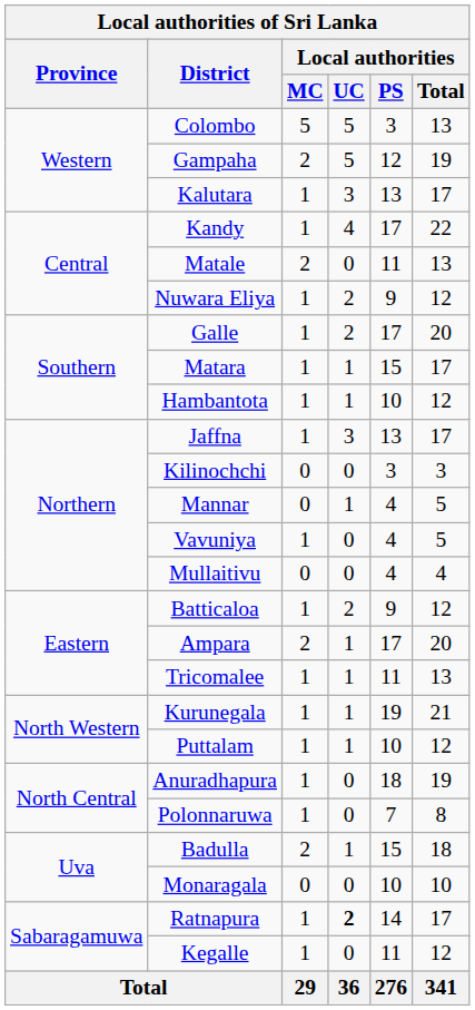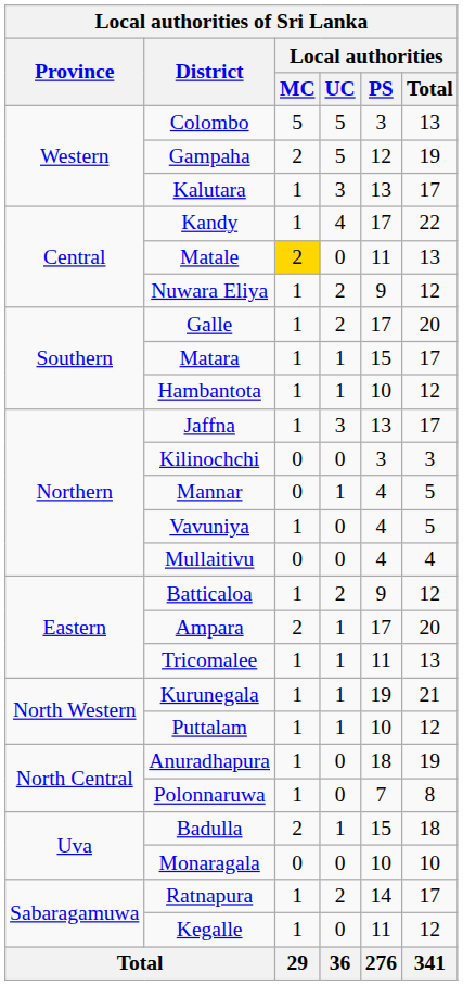 <table class="wikitable sortable sticky-header-multi mw-collapsible" style="font-size:100%; text-align:center">
 <tr>
 <th colspan=6>Local authorities of Sri Lanka</th>
 </tr>
 <tr>
 <th rowspan=2><a href='#'>Province</a></th>
 <th rowspan=2><a href='#'>District</a></th>
 <th colspan=4>Local authorities</th>
 </tr>
 <tr>
 <th><a href='#'>MC</a></th>
 <th><a href='#'>UC</a></th>
 <th><a href='#'>PS</a></th>
 <th>Total</th>
 </tr>
 <tr>
 <td rowspan=3><a href='#'>Western</a></td>
 <td><a href='#'>Colombo</a></td>
 <td>5</td>
 <td>5</td>
 <td>3</td>
 <td>13</td>
 </tr>
 <tr>
 <td><a href='#'>Gampaha</a></td>
 <td>2</td>
 <td>5</td>
 <td>12</td>
 <td>19</td>
 </tr>
 <tr>
 <td><a href='#'>Kalutara</a></td>
 <td>1</td>
 <td>3</td>
 <td>13</td>
 <td>17</td>
 </tr>
 <tr>
 <td rowspan=3><a href='#'>Central</a></td>
 <td><a href='#'>Kandy</a></td>
 <td>1</td>
 <td>4</td>
 <td>17</td>
 <td>22</td>
 </tr>
 <tr>
 <td><a href='#'>Matale</a></td>
-<td>2</td>
+<td style="background: gold;">2</td>
 <td>0</td>
 <td>11</td>
 <td>13</td>
 </tr>
 <tr>
 <td><a href='#'>Nuwara Eliya</a></td>
 <td>1</td>
 <td>2</td>
 <td>9</td>
 <td>12</td>
 </tr>
 <tr>
 <td rowspan=3><a href='#'>Southern</a></td>
 <td><a href='#'>Galle</a></td>
 <td>1</td>
 <td>2</td>
 <td>17</td>
 <td>20</td>
 </tr>
 <tr>
 <td><a href='#'>Matara</a></td>
 <td>1</td>
 <td>1</td>
 <td>15</td>
 <td>17</td>
 </tr>
 <tr>
 <td><a href='#'>Hambantota</a></td>
 <td>1</td>
 <td>1</td>
 <td>10</td>
 <td>12</td>
 </tr>
 <tr>
 <td rowspan=5><a href='#'>Northern</a></td>
 <td><a href='#'>Jaffna</a></td>
 <td>1</td>
 <td>3</td>
 <td>13</td>
 <td>17</td>
 </tr>
 <tr>
 <td><a href='#'>Kilinochchi</a></td>
 <td>0</td>
 <td>0</td>
 <td>3</td>
 <td>3</td>
 </tr>
 <tr>
 <td><a href='#'>Mannar</a></td>
 <td>0</td>
 <td>1</td>
 <td>4</td>
 <td>5</td>
 </tr>
 <tr>
 <td><a href='#'>Vavuniya</a></td>
 <td>1</td>
 <td>0</td>
 <td>4</td>
 <td>5</td>
 </tr>
 <tr>
 <td><a href='#'>Mullaitivu</a></td>
 <td>0</td>
 <td>0</td>
 <td>4</td>
 <td>4</td>
 </tr>
 <tr>
 <td rowspan=3><a href='#'>Eastern</a></td>
 <td><a href='#'>Batticaloa</a></td>
 <td>1</td>
 <td>2</td>
 <td>9</td>
 <td>12</td>
 </tr>
 <tr>
 <td><a href='#'>Ampara</a></td>
 <td>2</td>
 <td>1</td>
 <td>17</td>
 <td>20</td>
 </tr>
 <tr>
 <td><a href='#'>Tricomalee</a></td>
 <td>1</td>
 <td>1</td>
 <td>11</td>
 <td>13</td>
 </tr>
 <tr>
 <td rowspan=2><a href='#'>North Western</a></td>
 <td><a href='#'>Kurunegala</a></td>
 <td>1</td>
 <td>1</td>
 <td>19</td>
 <td>21</td>
 </tr>
 <tr>
 <td><a href='#'>Puttalam</a></td>
 <td>1</td>
 <td>1</td>
 <td>10</td>
 <td>12</td>
 </tr>
 <tr>
 <td rowspan=2><a href='#'>North Central</a></td>
 <td><a href='#'>Anuradhapura</a></td>
 <td>1</td>
 <td>0</td>
 <td>18</td>
 <td>19</td>
 </tr>
 <tr>
 <td><a href='#'>Polonnaruwa</a></td>
 <td>1</td>
 <td>0</td>
 <td>7</td>
 <td>8</td>
 </tr>
 <tr>
 <td rowspan=2><a href='#'>Uva</a></td>
 <td><a href='#'>Badulla</a></td>
 <td>2</td>
 <td>1</td>
 <td>15</td>
 <td>18</td>
 </tr>
 <tr>
 <td><a href='#'>Monaragala</a></td>
 <td>0</td>
 <td>0</td>
 <td>10</td>
 <td>10</td>
 </tr>
 <tr>
 <td rowspan=2><a href='#'>Sabaragamuwa</a></td>
 <td><a href='#'>Ratnapura</a></td>
 <td>1</td>
-<td><strong>2</strong></td>
+<td>2</td>
 <td>14</td>
 <td>17</td>
 </tr>
 <tr>
 <td><a href='#'>Kegalle</a></td>
 <td>1</td>
 <td>0</td>
 <td>11</td>
 <td>12</td>
 </tr>
 <tr class=sortbottom>
 <th colspan=2>Total</th>
 <th>29</th>
 <th>36</th>
 <th>276</th>
 <th>341</th>
 </tr>
 </table>
